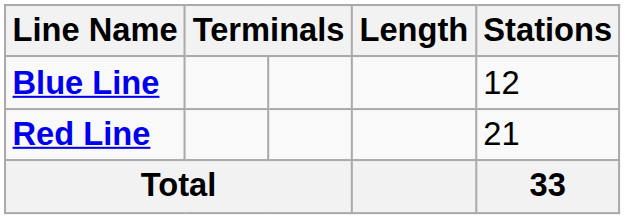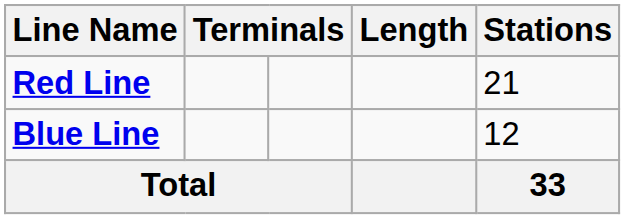 <table class="wikitable">
 <tr>
 <th>Line Name</th>
 <th colspan="2">Terminals</th>
 <th>Length</th>
 <th>Stations</th>
+</tr>
+<tr>
+<td style="background:#"><strong><a href='#'><span>Red Line</span></a></strong></td>
+<td></td>
+<td></td>
+<td></td>
+<td>21</td>
 </tr>
 <tr>
 <td style="background:#"><strong><a href='#'><span>Blue Line</span></a></strong></td>
 <td></td>
 <td></td>
 <td></td>
 <td>12</td>
 </tr>
 <tr>
-<td style="background:#"><strong><a href='#'><span>Red Line</span></a></strong></td>
-<td></td>
-<td></td>
-<td></td>
-<td>21</td>
-</tr>
-<tr>
 <th colspan="3"><strong>Total</strong></th>
 <th></th>
 <th>33</th>
 </tr>
 </table>
